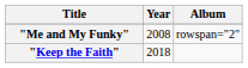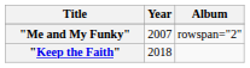 <table class="wikitable plainrowheaders" style="text-align:center;">
 <tr>
 <th scope="col" style="width:11em;">Title</th>
 <th scope="col" style="width:1em;">Year</th>
 <th scope="col">Album</th>
 </tr>
 <tr>
 </tr>
 <tr>
 <th scope="row">"Me and My Funky"</th>
-<td>2008</td>
+<td>2007</td>
 <td>rowspan="2" </td>
 </tr>
 <tr>
 <th scope="row">"<a href='#'>Keep the Faith</a>"</th>
 <td>2018</td>
 </tr>
 </table>
